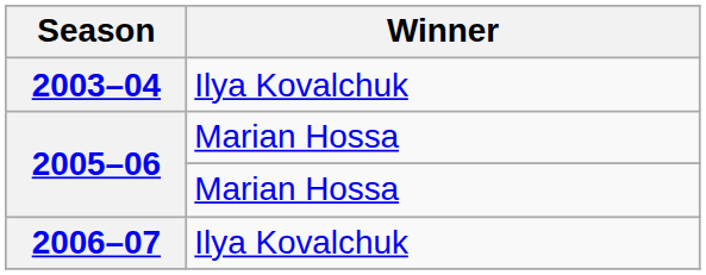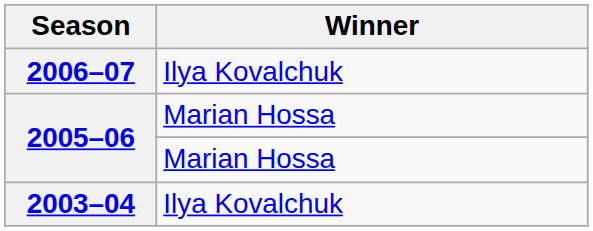 <table class="wikitable">
 <tr>
 <th scope="col" style="width:5em">Season</th>
 <th scope="col" style="width:15em">Winner</th>
 </tr>
 <tr>
-<th scope="row"><a href='#'>2003–04</a></th>
+<th scope="row"><a href='#'>2006–07</a></th>
 <td><a href='#'>Ilya Kovalchuk</a></td>
 </tr>
 <tr>
 <th scope="row" rowspan="2"><a href='#'>2005–06</a></th>
 <td><a href='#'>Marian Hossa</a></td>
 </tr>
 <tr>
 <td><a href='#'>Marian Hossa</a></td>
 </tr>
 <tr>
-<th scope="row"><a href='#'>2006–07</a></th>
+<th scope="row"><a href='#'>2003–04</a></th>
 <td><a href='#'>Ilya Kovalchuk</a></td>
 </tr>
 </table>
